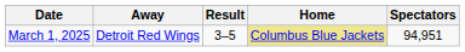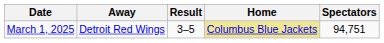 <table class="wikitable" style="text-align:center">
 <tr>
 <th style="text-align:center;">Date</th>
 <th style="text-align:center;">Away</th>
 <th style="text-align:center;">Result</th>
 <th style="text-align:center;">Home</th>
 <th style="text-align:center;">Spectators</th>
 </tr>
 <tr>
 <td><a href='#'>March 1, 2025</a></td>
 <td><a href='#'>Detroit Red Wings</a></td>
 <td style="text-align:center;">3–5</td>
 <td style="background: khaki;"><a href='#'>Columbus Blue Jackets</a></td>
-<td>94,951</td>
+<td>94,751</td>
 </tr>
 </table>
